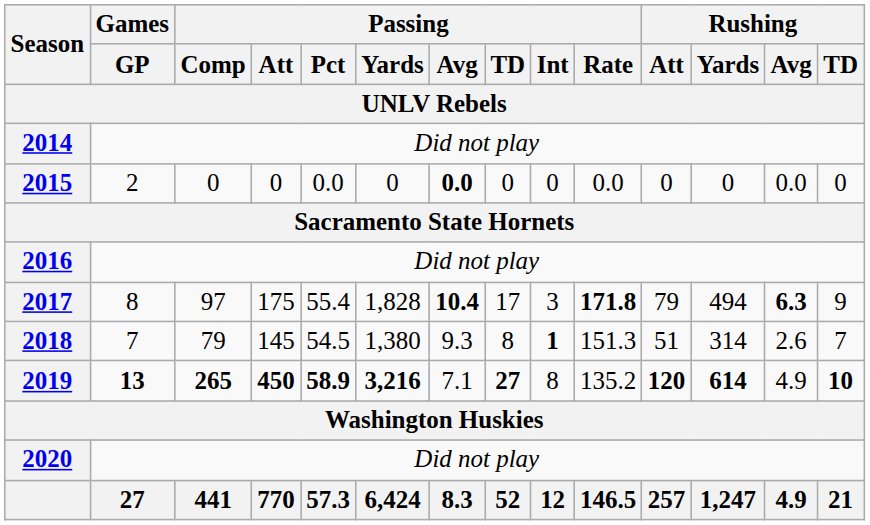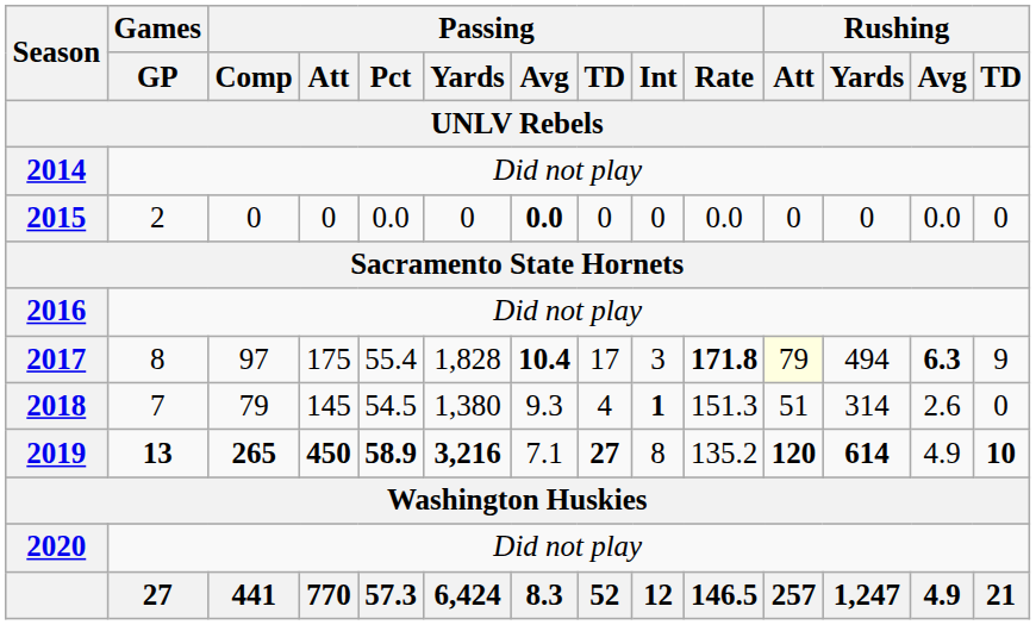 <table class="wikitable" style="text-align:center;">
 <tr>
 <th rowspan="2">Season</th>
 <th colspan="1">Games</th>
 <th colspan="8">Passing</th>
 <th colspan="4">Rushing</th>
 </tr>
 <tr>
 <th>GP</th>
 <th>Comp</th>
 <th>Att</th>
 <th>Pct</th>
 <th>Yards</th>
 <th>Avg</th>
 <th>TD</th>
 <th>Int</th>
 <th>Rate</th>
 <th>Att</th>
 <th>Yards</th>
 <th>Avg</th>
 <th>TD</th>
 </tr>
 <tr>
 <th colspan="15">UNLV Rebels</th>
 </tr>
 <tr>
 <th><a href='#'>2014</a></th>
 <td colspan="14"><em>Did not play</em></td>
 </tr>
 <tr>
 <th><a href='#'>2015</a></th>
 <td>2</td>
 <td>0</td>
 <td>0</td>
 <td>0.0</td>
 <td>0</td>
 <td><strong>0.0</strong></td>
 <td>0</td>
 <td>0</td>
 <td>0.0</td>
 <td>0</td>
 <td>0</td>
 <td>0.0</td>
 <td>0</td>
 </tr>
 <tr>
 <th colspan="15">Sacramento State Hornets</th>
 </tr>
 <tr>
 <th><a href='#'>2016</a></th>
 <td colspan="14"><em>Did not play</em></td>
 </tr>
 <tr>
 <th><a href='#'>2017</a></th>
 <td>8</td>
 <td>97</td>
 <td>175</td>
 <td>55.4</td>
 <td>1,828</td>
 <td><strong>10.4</strong></td>
 <td>17</td>
 <td>3</td>
 <td><strong>171.8</strong></td>
-<td>79</td>
+<td style="background: lightyellow;">79</td>
 <td>494</td>
 <td><strong>6.3</strong></td>
 <td>9</td>
 </tr>
 <tr>
 <th><a href='#'>2018</a></th>
 <td>7</td>
 <td>79</td>
 <td>145</td>
 <td>54.5</td>
 <td>1,380</td>
 <td>9.3</td>
-<td>8</td>
+<td>4</td>
 <td><strong>1</strong></td>
 <td>151.3</td>
 <td>51</td>
 <td>314</td>
 <td>2.6</td>
-<td>7</td>
+<td>0</td>
 </tr>
 <tr>
 <th><a href='#'>2019</a></th>
 <td><strong>13</strong></td>
 <td><strong>265</strong></td>
 <td><strong>450</strong></td>
 <td><strong>58.9</strong></td>
 <td><strong>3,216</strong></td>
 <td>7.1</td>
 <td><strong>27</strong></td>
 <td>8</td>
 <td>135.2</td>
 <td><strong>120</strong></td>
 <td><strong>614</strong></td>
 <td>4.9</td>
 <td><strong>10</strong></td>
 </tr>
 <tr>
 <th colspan="15">Washington Huskies</th>
 </tr>
 <tr>
 <th><a href='#'>2020</a></th>
 <td colspan="14"><em>Did not play</em></td>
 </tr>
 <tr>
 <th></th>
 <th>27</th>
 <th>441</th>
 <th>770</th>
 <th>57.3</th>
 <th>6,424</th>
 <th>8.3</th>
 <th>52</th>
 <th>12</th>
 <th>146.5</th>
 <th>257</th>
 <th>1,247</th>
 <th>4.9</th>
 <th>21</th>
 </tr>
 </table>
